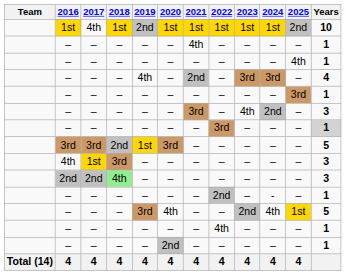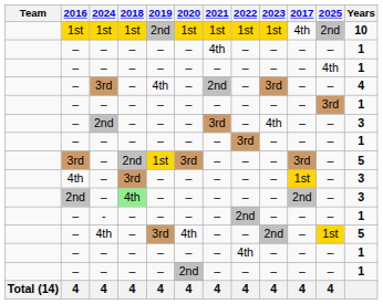 <table class="wikitable" style="text-align:center">
 <tr style="font-size:90%;">
 <th>Team</th>
 <th><a href='#'>2016</a></th>
-<th><a href='#'>2017</a></th>
+<th><a href='#'>2024</a></th>
 <th><a href='#'>2018</a></th>
 <th><a href='#'>2019</a></th>
 <th><a href='#'>2020</a></th>
 <th><a href='#'>2021</a></th>
 <th><a href='#'>2022</a></th>
 <th><a href='#'>2023</a></th>
-<th><a href='#'>2024</a></th>
+<th><a href='#'>2017</a></th>
 <th><a href='#'>2025</a></th>
 <th>Years</th>
 </tr>
 <tr>
 <td align="left"></td>
 <td bgcolor="gold">1st</td>
-<td>4th</td>
+<td bgcolor="gold">1st</td>
 <td bgcolor="gold">1st</td>
 <td bgcolor="silver">2nd</td>
 <td bgcolor="gold">1st</td>
 <td bgcolor="gold">1st</td>
 <td bgcolor="gold">1st</td>
 <td bgcolor="gold">1st</td>
-<td bgcolor="gold">1st</td>
+<td>4th</td>
 <td bgcolor="silver">2nd</td>
 <td><strong>10</strong></td>
 </tr>
 <tr>
 <td align=left></td>
 <td>–</td>
 <td>–</td>
 <td>–</td>
 <td>–</td>
 <td>–</td>
 <td>4th</td>
 <td>–</td>
 <td>–</td>
 <td>–</td>
 <td>–</td>
 <td><strong>1</strong></td>
 </tr>
 <tr>
 <td align=left></td>
 <td>–</td>
 <td>–</td>
 <td>–</td>
 <td>–</td>
 <td>–</td>
 <td>–</td>
 <td>–</td>
 <td>–</td>
 <td>–</td>
 <td>4th</td>
 <td><strong>1</strong></td>
 </tr>
 <tr>
 <td align=left></td>
 <td>–</td>
-<td>–</td>
+<td bgcolor=#cc9966>3rd</td>
 <td>–</td>
 <td>4th</td>
 <td>–</td>
 <td bgcolor=silver>2nd</td>
 <td>–</td>
 <td bgcolor=#cc9966>3rd</td>
-<td bgcolor=#cc9966>3rd</td>
+<td>–</td>
 <td>–</td>
 <td><strong>4</strong></td>
 </tr>
 <tr>
 <td align=left></td>
 <td>–</td>
 <td>–</td>
 <td>–</td>
 <td>–</td>
 <td>–</td>
 <td>–</td>
 <td>–</td>
 <td>–</td>
 <td>–</td>
 <td bgcolor=#cc9966>3rd</td>
 <td><strong>1</strong></td>
 </tr>
 <tr>
 <td align=left></td>
 <td>–</td>
-<td>–</td>
+<td bgcolor=silver>2nd</td>
 <td>–</td>
 <td>–</td>
 <td>–</td>
 <td bgcolor=#cc9966>3rd</td>
 <td>–</td>
 <td>4th</td>
-<td bgcolor=silver>2nd</td>
+<td>–</td>
 <td>–</td>
 <td><strong>3</strong></td>
 </tr>
 <tr>
 <td align=left></td>
 <td>–</td>
 <td>–</td>
 <td>–</td>
 <td>–</td>
 <td>–</td>
 <td>–</td>
 <td bgcolor=#cc9966>3rd</td>
 <td>–</td>
 <td>–</td>
 <td>–</td>
-<td style="background: lightgrey;"><strong>1</strong></td>
+<td><strong>1</strong></td>
 </tr>
 <tr>
 <td align=left></td>
 <td bgcolor=#cc9966>3rd</td>
-<td bgcolor=#cc9966>3rd</td>
+<td>–</td>
 <td bgcolor=silver>2nd</td>
 <td bgcolor=gold>1st</td>
 <td bgcolor=#cc9966>3rd</td>
 <td>–</td>
 <td>–</td>
 <td>–</td>
-<td>–</td>
+<td bgcolor=#cc9966>3rd</td>
 <td>–</td>
 <td><strong>5</strong></td>
 </tr>
 <tr>
 <td align=left></td>
 <td>4th</td>
-<td bgcolor=gold>1st</td>
+<td>–</td>
 <td bgcolor=#cc9966>3rd</td>
 <td>–</td>
 <td>–</td>
 <td>–</td>
 <td>–</td>
 <td>–</td>
-<td>–</td>
+<td bgcolor=gold>1st</td>
 <td>–</td>
 <td><strong>3</strong></td>
 </tr>
 <tr>
 <td align=left></td>
 <td bgcolor=silver>2nd</td>
-<td bgcolor=silver>2nd</td>
+<td>–</td>
 <td style="background: lightgreen;">4th</td>
-<td>–</td>
-<td>–</td>
-<td>–</td>
-<td>–</td>
-<td>–</td>
-<td>–</td>
-<td>–</td>
-<td><strong>3</strong></td>
-</tr>
-<tr>
-<td align=left></td>
-<td>–</td>
 <td>–</td>
 <td>–</td>
 <td>–</td>
 <td>–</td>
 <td>–</td>
 <td bgcolor=silver>2nd</td>
 <td>–</td>
+<td><strong>3</strong></td>
+</tr>
+<tr>
+<td align=left></td>
+<td>–</td>
 <td>-</td>
+<td>–</td>
+<td>–</td>
+<td>–</td>
+<td>–</td>
+<td bgcolor=silver>2nd</td>
+<td>–</td>
+<td>–</td>
 <td>–</td>
 <td><strong>1</strong></td>
 </tr>
 <tr>
 <td align=left></td>
 <td>–</td>
-<td>–</td>
+<td>4th</td>
 <td>–</td>
 <td bgcolor=#cc9966>3rd</td>
 <td>4th</td>
 <td>–</td>
 <td>–</td>
 <td bgcolor=silver>2nd</td>
-<td>4th</td>
+<td>–</td>
 <td bgcolor=gold>1st</td>
 <td><strong>5</strong></td>
 </tr>
 <tr>
 <td align=left></td>
 <td>–</td>
 <td>–</td>
 <td>–</td>
 <td>–</td>
 <td>–</td>
 <td>–</td>
 <td>4th</td>
 <td>–</td>
 <td>–</td>
 <td>–</td>
 <td><strong>1</strong></td>
 </tr>
 <tr>
 <td align=left></td>
 <td>–</td>
 <td>–</td>
 <td>–</td>
 <td>–</td>
 <td bgcolor=silver>2nd</td>
 <td>–</td>
 <td>–</td>
 <td>–</td>
 <td>–</td>
 <td>–</td>
 <td><strong>1</strong></td>
 </tr>
 <tr>
 <th>Total (14)</th>
 <th>4</th>
 <th>4</th>
 <th>4</th>
 <th>4</th>
 <th>4</th>
 <th>4</th>
 <th>4</th>
 <th>4</th>
 <th>4</th>
 <th>4</th>
 <th></th>
 </tr>
 </table>
